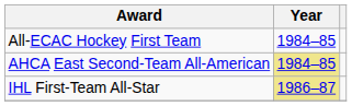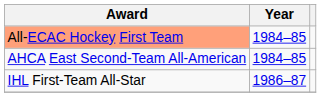 <table class="wikitable">
 <tr>
 <th>Award</th>
 <th>Year</th>
 <th></th>
 </tr>
 <tr>
-<td>All-<a href='#'>ECAC Hockey</a> <a href='#'>First Team</a></td>
+<td style="background: lightsalmon;">All-<a href='#'>ECAC Hockey</a> <a href='#'>First Team</a></td>
 <td><a href='#'>1984–85</a></td>
 <td></td>
 </tr>
 <tr>
 <td><a href='#'>AHCA</a> <a href='#'>East Second-Team All-American</a></td>
-<td style="background: khaki;"><a href='#'>1984–85</a></td>
+<td><a href='#'>1984–85</a></td>
 <td></td>
 </tr>
 <tr>
 <td><a href='#'>IHL</a> First-Team All-Star</td>
-<td style="background: khaki;"><a href='#'>1986–87</a></td>
+<td><a href='#'>1986–87</a></td>
 <td></td>
 </tr>
 <tr>
 </tr>
 </table>
